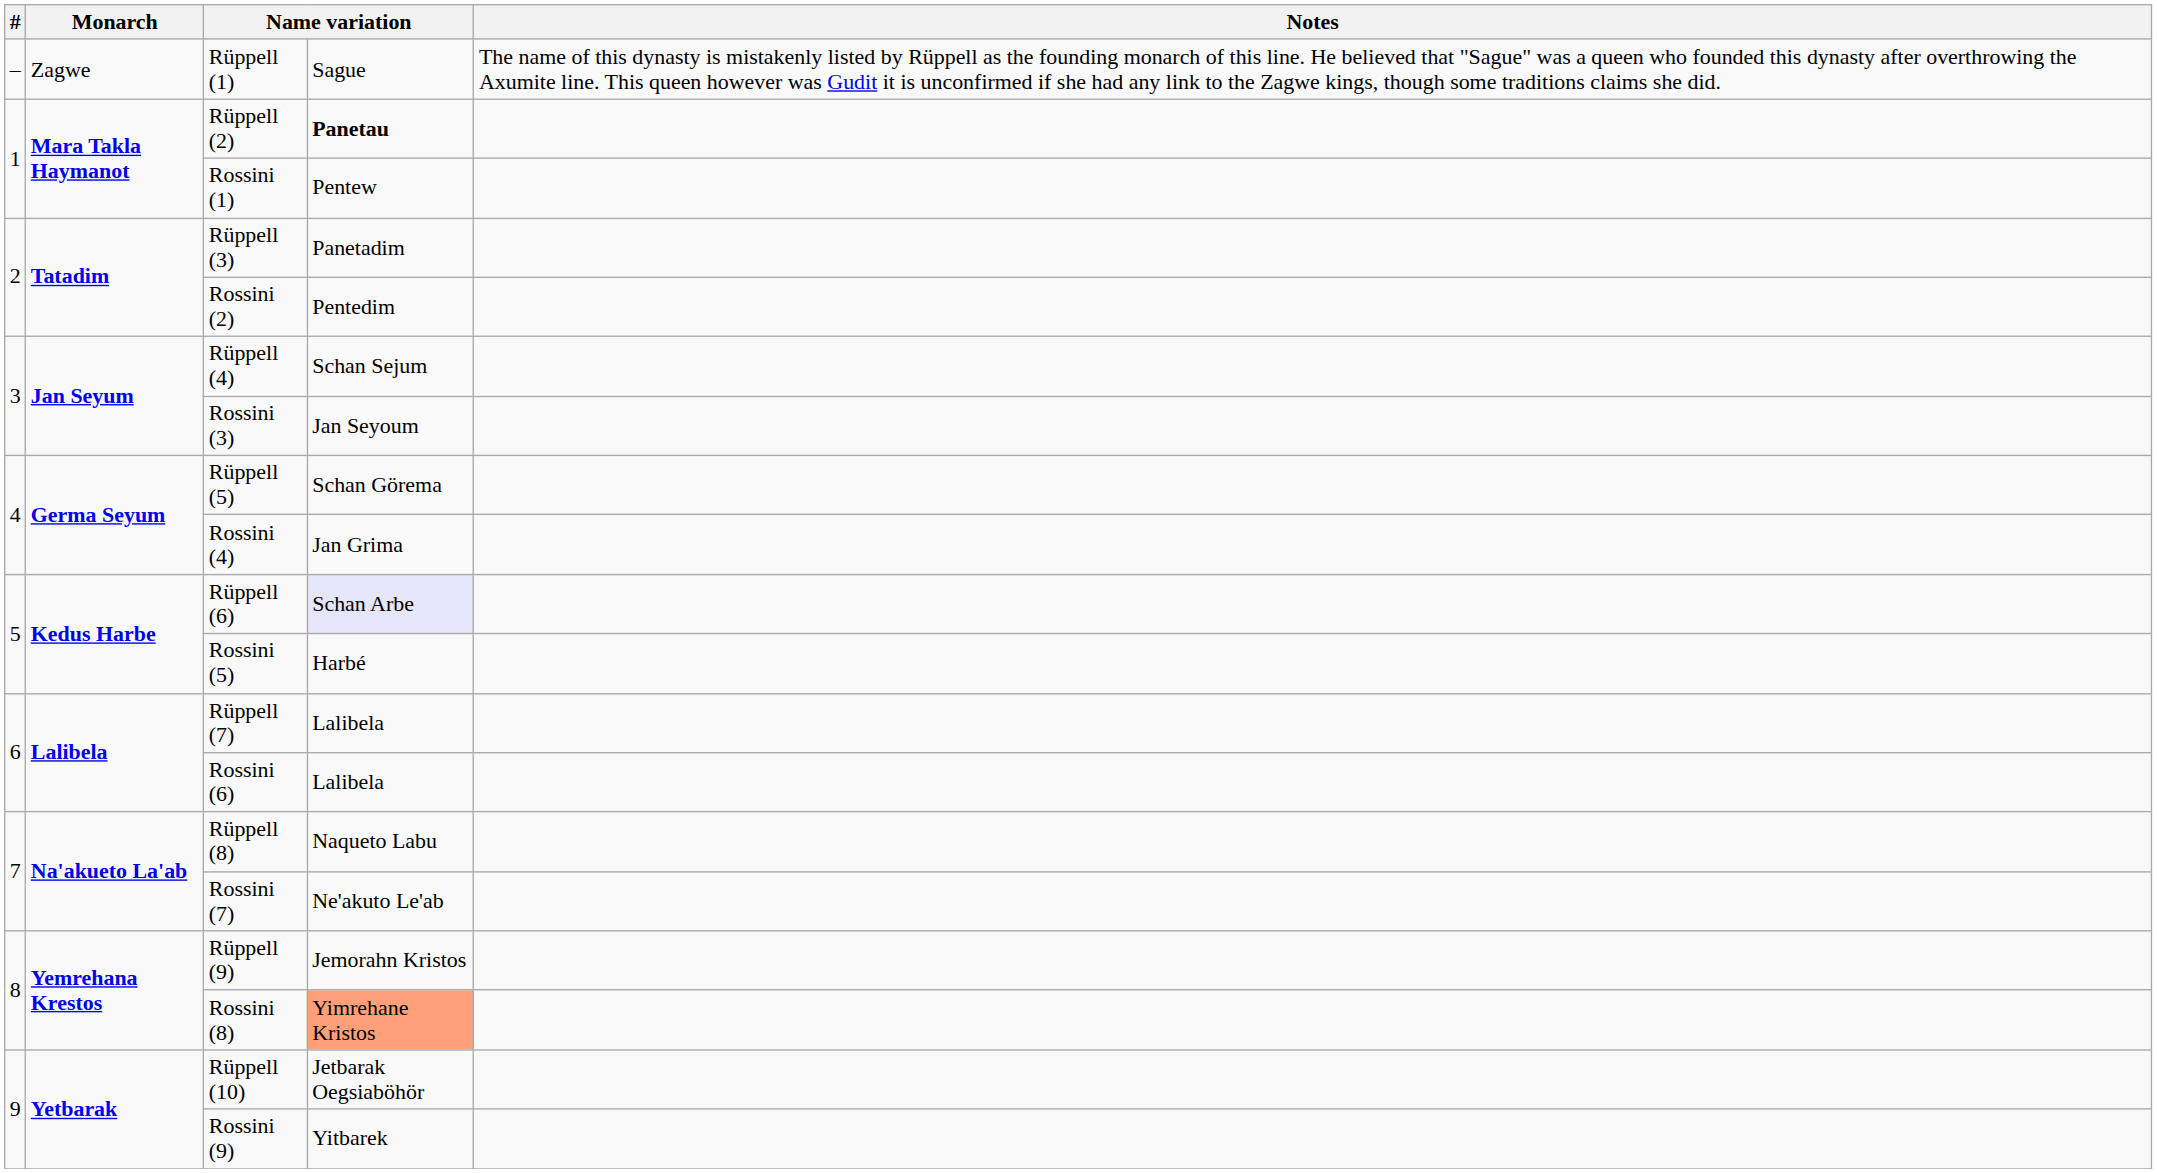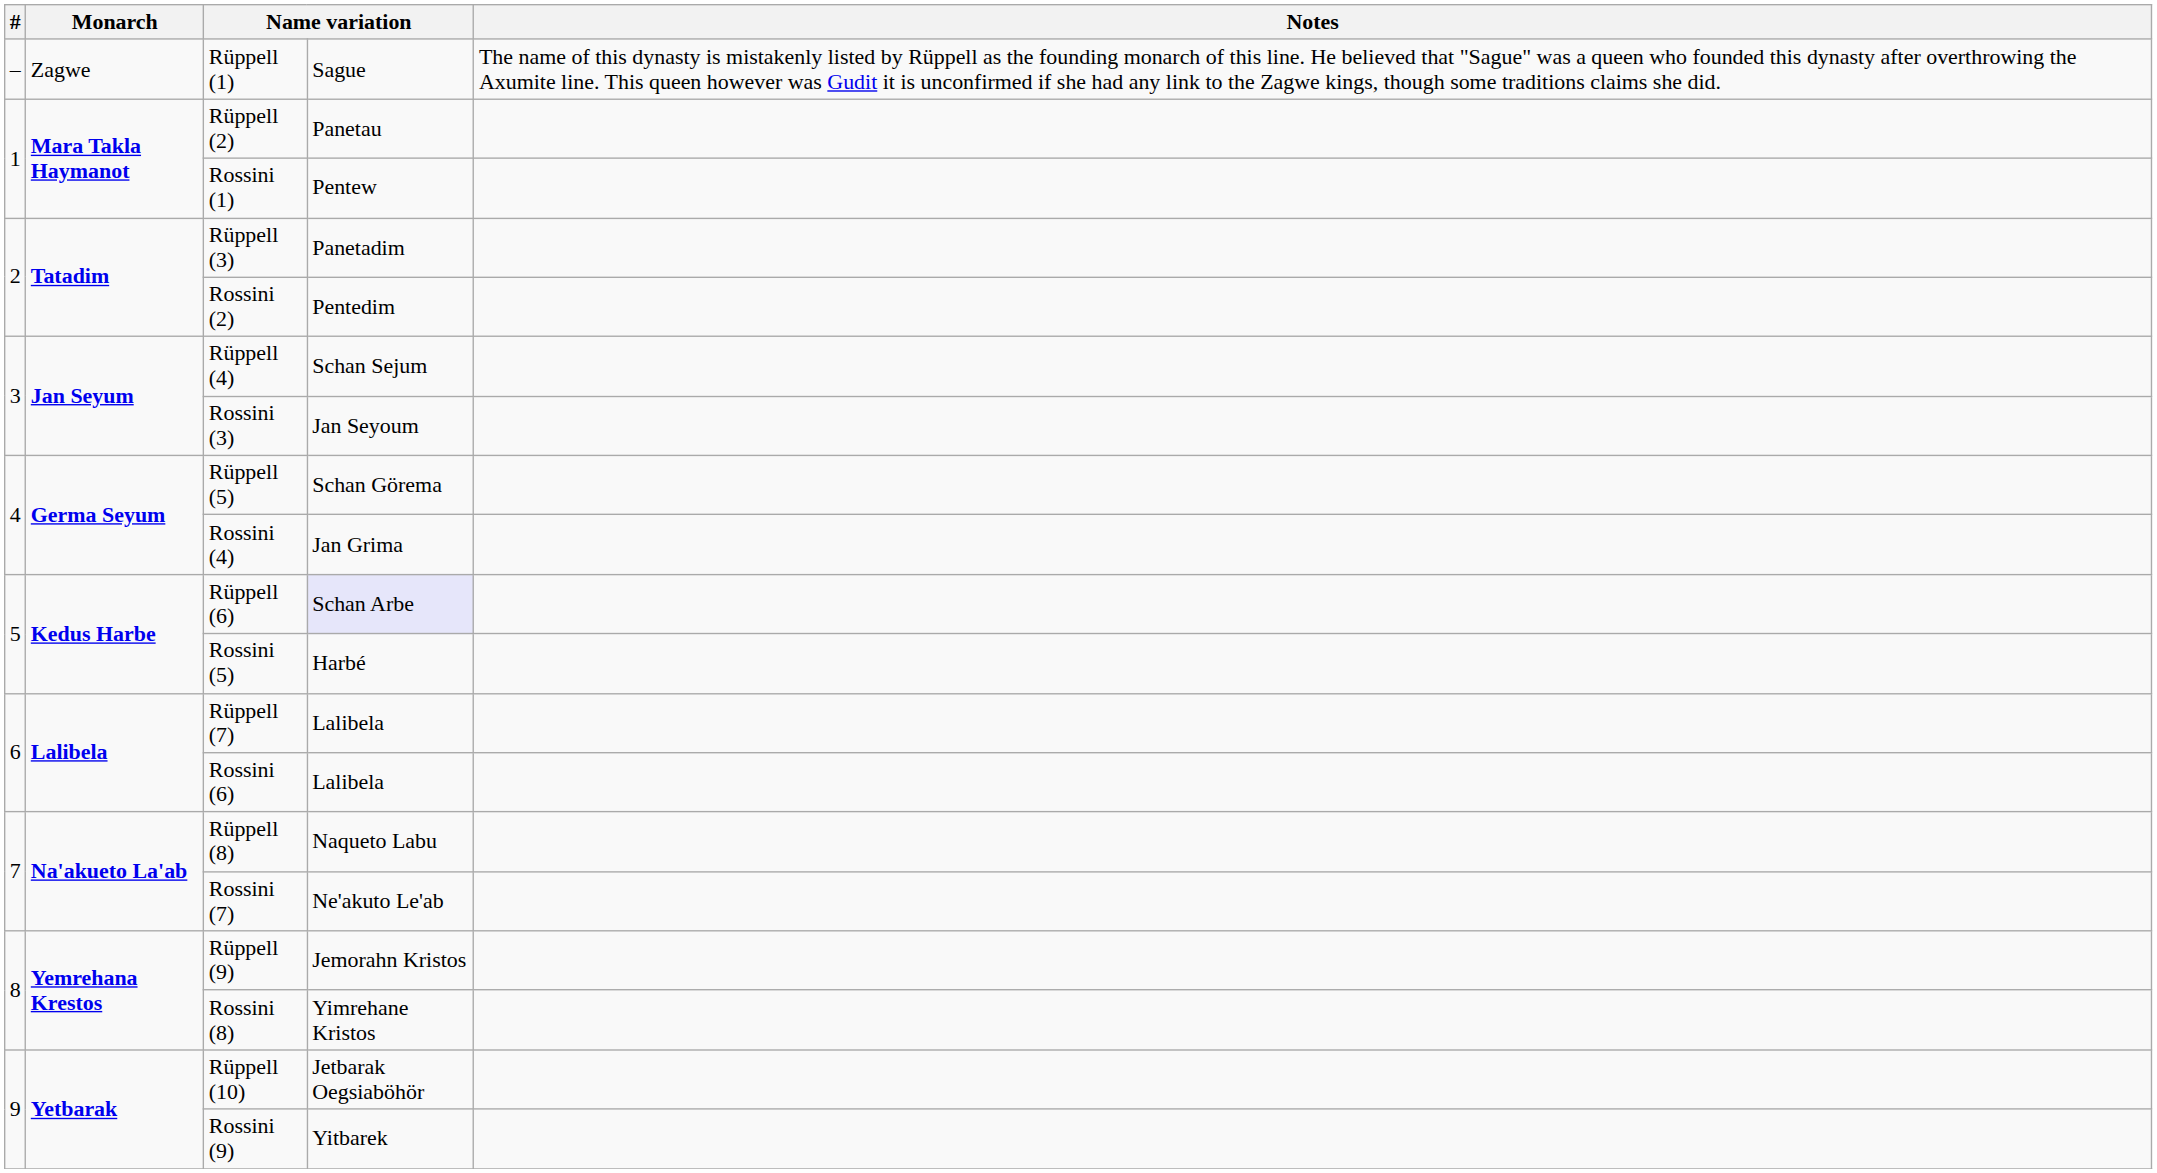 <table class="wikitable" border="1">
 <tr>
 <th>#</th>
 <th>Monarch</th>
 <th colspan="2">Name variation</th>
 <th>Notes</th>
 </tr>
 <tr>
 <td>–</td>
 <td>Zagwe</td>
 <td>Rüppell (1)</td>
 <td>Sague</td>
 <td>The name of this dynasty is mistakenly listed by Rüppell as the founding monarch of this line. He believed that "Sague" was a queen who founded this dynasty after overthrowing the Axumite line. This queen however was <a href='#'>Gudit</a> it is unconfirmed if she had any link to the Zagwe kings, though some traditions claims she did.</td>
 </tr>
 <tr>
 <td rowspan="2">1</td>
 <td rowspan="2"><strong><a href='#'>Mara Takla Haymanot</a></strong></td>
 <td>Rüppell (2)</td>
-<td><strong>Panetau</strong></td>
+<td>Panetau</td>
 <td></td>
 </tr>
 <tr>
 <td>Rossini (1)</td>
 <td>Pentew</td>
 <td></td>
 </tr>
 <tr>
 <td rowspan="2">2</td>
 <td rowspan="2"><strong><a href='#'>Tatadim</a></strong></td>
 <td>Rüppell (3)</td>
 <td>Panetadim</td>
 <td></td>
 </tr>
 <tr>
 <td>Rossini (2)</td>
 <td>Pentedim</td>
 <td></td>
 </tr>
 <tr>
 <td rowspan="2">3</td>
 <td rowspan="2"><strong><a href='#'>Jan Seyum</a></strong></td>
 <td>Rüppell (4)</td>
 <td>Schan Sejum</td>
 <td></td>
 </tr>
 <tr>
 <td>Rossini (3)</td>
 <td>Jan Seyoum</td>
 <td></td>
 </tr>
 <tr>
 <td rowspan="2">4</td>
 <td rowspan="2"><strong><a href='#'>Germa Seyum</a></strong></td>
 <td>Rüppell (5)</td>
 <td>Schan Görema</td>
 <td></td>
 </tr>
 <tr>
 <td>Rossini (4)</td>
 <td>Jan Grima</td>
 <td></td>
 </tr>
 <tr>
 <td rowspan="2">5</td>
 <td rowspan="2"><strong><a href='#'>Kedus Harbe</a></strong></td>
 <td>Rüppell (6)</td>
 <td style="background: lavender;">Schan Arbe</td>
 <td></td>
 </tr>
 <tr>
 <td>Rossini (5)</td>
 <td>Harbé</td>
 <td></td>
 </tr>
 <tr>
 <td rowspan="2">6</td>
 <td rowspan="2"><a href='#'><strong>Lalibela</strong></a></td>
 <td>Rüppell (7)</td>
 <td>Lalibela</td>
 <td></td>
 </tr>
 <tr>
 <td>Rossini (6)</td>
 <td>Lalibela</td>
 <td></td>
 </tr>
 <tr>
 <td rowspan="2">7</td>
 <td rowspan="2"><strong><a href='#'>Na'akueto La'ab</a></strong></td>
 <td>Rüppell (8)</td>
 <td>Naqueto Labu</td>
 <td></td>
 </tr>
 <tr>
 <td>Rossini (7)</td>
 <td>Ne'akuto Le'ab</td>
 <td></td>
 </tr>
 <tr>
 <td rowspan="2">8</td>
 <td rowspan="2"><strong><a href='#'>Yemrehana Krestos</a></strong></td>
 <td>Rüppell (9)</td>
 <td>Jemorahn Kristos</td>
 <td></td>
 </tr>
 <tr>
 <td>Rossini (8)</td>
-<td style="background: lightsalmon;">Yimrehane Kristos</td>
+<td>Yimrehane Kristos</td>
 <td></td>
 </tr>
 <tr>
 <td rowspan="2">9</td>
 <td rowspan="2"><strong><a href='#'>Yetbarak</a></strong></td>
 <td>Rüppell (10)</td>
 <td>Jetbarak Oegsiaböhör</td>
 <td></td>
 </tr>
 <tr>
 <td>Rossini (9)</td>
 <td>Yitbarek</td>
 <td></td>
 </tr>
 <tr>
 </tr>
 </table>
